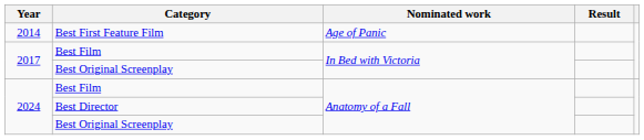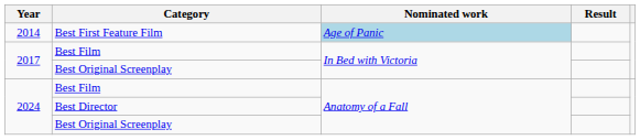 <table class=wikitable>
 <tr>
 <th scope="col" style="width:4em;">Year</th>
 <th scope="col" style="width:27em;">Category</th>
 <th scope="col" style="width:25em;">Nominated work</th>
 <th scope="col" style="width:5em;">Result</th>
 <th></th>
 </tr>
 <tr>
 <td style="text-align:center;"><a href='#'>2014</a></td>
 <td><a href='#'>Best First Feature Film</a></td>
-<td><em><a href='#'>Age of Panic</a></em></td>
+<td style="background: lightblue;"><em><a href='#'>Age of Panic</a></em></td>
 <td></td>
 <td rowspan="3" style="text-align:center;"></td>
 </tr>
 <tr>
 <td rowspan="2" style="text-align:center;"><a href='#'>2017</a></td>
 <td><a href='#'>Best Film</a></td>
 <td rowspan="2"><em><a href='#'>In Bed with Victoria</a></em></td>
 <td></td>
 </tr>
 <tr>
 <td><a href='#'>Best Original Screenplay</a></td>
 <td></td>
 </tr>
 <tr>
 <td rowspan="3" style="text-align:center;"><a href='#'>2024</a></td>
 <td><a href='#'>Best Film</a></td>
 <td rowspan="3"><em><a href='#'>Anatomy of a Fall</a></em></td>
 <td></td>
 <td rowspan="3" style="text-align:center;"></td>
 </tr>
 <tr>
 <td><a href='#'>Best Director</a></td>
 <td></td>
 </tr>
 <tr>
 <td><a href='#'>Best Original Screenplay</a></td>
 <td></td>
 </tr>
 </table>
